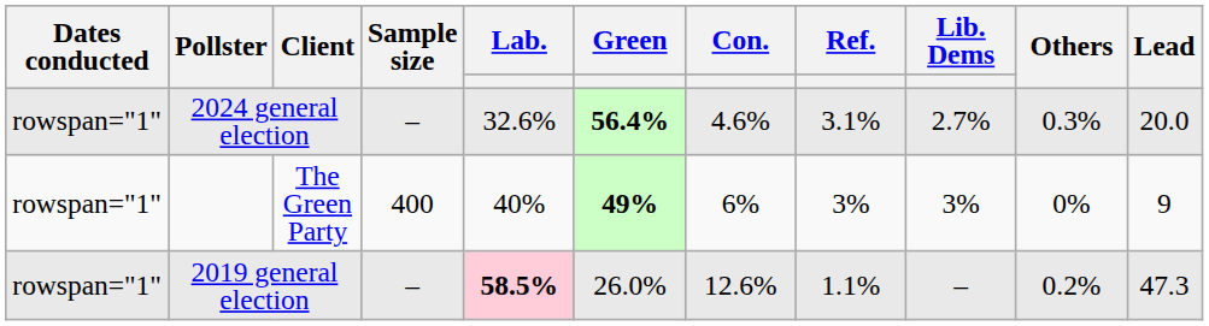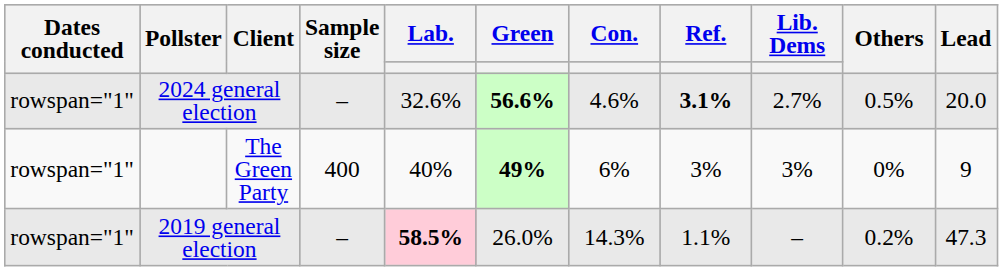 <table class="wikitable sortable mw-datatable" style="text-align:center; font-size:90%; line-height:14px;">
 <tr>
 <th rowspan="2">Dates <br>conducted</th>
 <th rowspan="2">Pollster</th>
 <th rowspan="2">Client</th>
 <th rowspan="2" data-sort-type="number">Sample <br>size</th>
 <th class="unsortable" style="width:50px;"><a href='#'>Lab.</a></th>
 <th class="unsortable" style="width:50px;"><a href='#'>Green</a></th>
 <th class="unsortable" style="width:50px;"><a href='#'>Con.</a></th>
 <th class="unsortable" style="width:50px;"><a href='#'>Ref.</a></th>
 <th class="unsortable" style="width:50px;"><a href='#'>Lib. Dems</a></th>
 <th rowspan="2" class="unsortable" style="width:50px;">Others</th>
 <th rowspan="2" data-sort-type="number">Lead</th>
 </tr>
 <tr>
 <th data-sort-type="number" style="background:"></th>
 <th data-sort-type="number" style="background:"></th>
 <th data-sort-type="number" style="background:"></th>
 <th data-sort-type="number" style="background:"></th>
 <th data-sort-type="number" style="background:"></th>
 </tr>
 <tr style="background:#e9e9e9;">
 <td>rowspan="1" </td>
 <td colspan="2" rowspan="1"><a href='#'>2024 general election</a></td>
 <td>–</td>
 <td>32.6%</td>
-<td style="background:#CCFFC6;"><strong>56.4%</strong></td>
+<td style="background:#CCFFC6;"><strong>56.6%</strong></td>
 <td>4.6%</td>
-<td>3.1%</td>
+<td><strong>3.1%</strong></td>
 <td>2.7%</td>
-<td>0.3%</td>
+<td>0.5%</td>
 <td style="background:">20.0</td>
 </tr>
 <tr>
 <td>rowspan="1" </td>
 <td></td>
 <td><a href='#'>The Green Party</a></td>
 <td>400</td>
 <td>40%</td>
 <td style="background:#CCFFC6;"><strong>49%</strong></td>
 <td>6%</td>
 <td>3%</td>
 <td>3%</td>
 <td>0%</td>
 <td style="background:">9</td>
 </tr>
 <tr style="background:#e9e9e9;">
 <td>rowspan="1" </td>
 <td colspan="2" rowspan="1"><a href='#'>2019 general election</a></td>
 <td>–</td>
 <td style="background:#FFCCD9;"><strong>58.5%</strong></td>
 <td>26.0%</td>
-<td>12.6%</td>
+<td>14.3%</td>
 <td>1.1%</td>
 <td>–</td>
 <td>0.2%</td>
 <td style="background:">47.3</td>
 </tr>
 </table>
